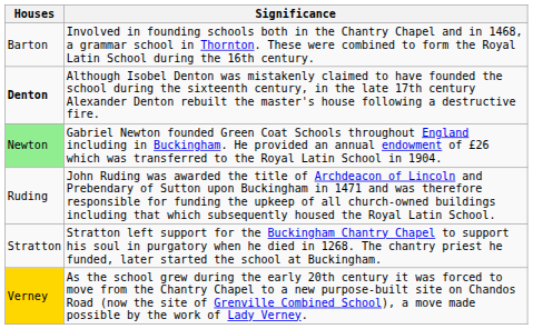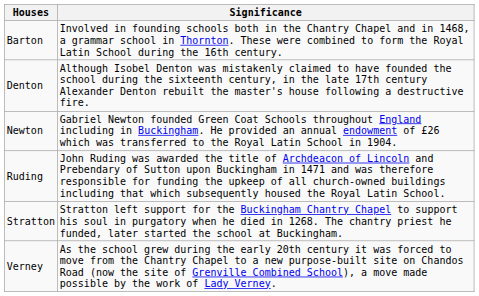 <table class="wikitable">
 <tr>
 <th>Houses</th>
 <th>Significance</th>
 </tr>
 <tr>
 <td>Barton</td>
 <td>Involved in founding schools both in the Chantry Chapel and in 1468, a grammar school in <a href='#'>Thornton</a>. These were combined to form the Royal Latin School during the 16th century.</td>
 </tr>
 <tr>
-<td><strong>Denton</strong></td>
+<td>Denton</td>
 <td>Although Isobel Denton was mistakenly claimed to have founded the school during the sixteenth century, in the late 17th century Alexander Denton rebuilt the master's house following a destructive fire.</td>
 </tr>
 <tr>
-<td style="background: lightgreen;">Newton</td>
+<td>Newton</td>
 <td>Gabriel Newton founded Green Coat Schools throughout <a href='#'>England</a> including in <a href='#'>Buckingham</a>. He provided an annual <a href='#'>endowment</a> of £26 which was transferred to the Royal Latin School in 1904.</td>
 </tr>
 <tr>
 <td>Ruding</td>
 <td>John Ruding was awarded the title of <a href='#'>Archdeacon of Lincoln</a> and Prebendary of Sutton upon Buckingham in 1471 and was therefore responsible for funding the upkeep of all church-owned buildings including that which subsequently housed the Royal Latin School.</td>
 </tr>
 <tr>
 <td>Stratton</td>
 <td>Stratton left support for the <a href='#'>Buckingham Chantry Chapel</a> to support his soul in purgatory when he died in 1268. The chantry priest he funded, later started the school at Buckingham.</td>
 </tr>
 <tr>
-<td style="background: gold;">Verney</td>
+<td>Verney</td>
 <td>As the school grew during the early 20th century it was forced to move from the Chantry Chapel to a new purpose-built site on Chandos Road (now the site of <a href='#'>Grenville Combined School</a>), a move made possible by the work of <a href='#'>Lady Verney</a>.</td>
 </tr>
 </table>
